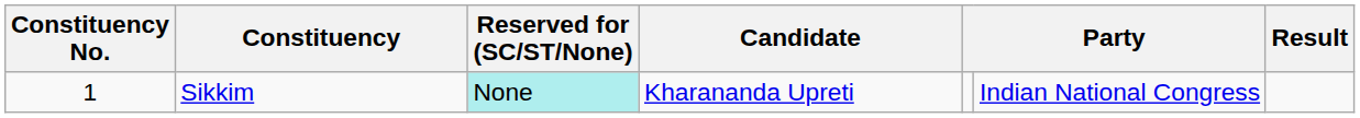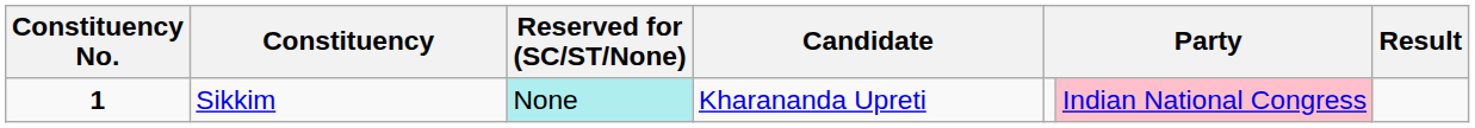 <table class= "wikitable sortable">
 <tr>
 <th>Constituency <br> No.</th>
 <th style="width:180px;">Constituency</th>
 <th>Reserved for<br>(SC/ST/None)</th>
 <th style="width:200px;">Candidate</th>
 <th colspan="2">Party</th>
 <th>Result</th>
 </tr>
 <tr>
-<td align="center">1</td>
+<td align="center"><strong>1</strong></td>
 <td><a href='#'>Sikkim</a></td>
 <td style="background: paleturquoise;">None</td>
 <td><a href='#'>Kharananda Upreti</a></td>
 <td bgcolor=></td>
-<td><a href='#'>Indian National Congress</a></td>
+<td style="background: pink;"><a href='#'>Indian National Congress</a></td>
 <td></td>
 </tr>
 </table>
